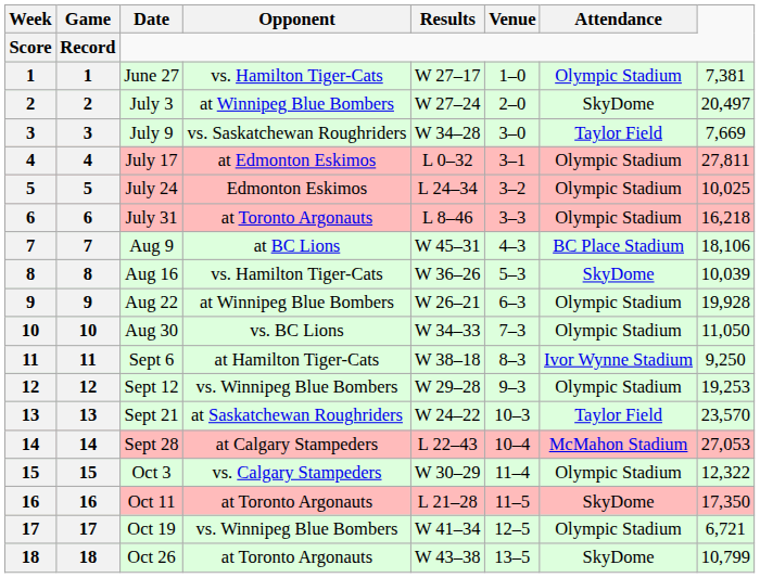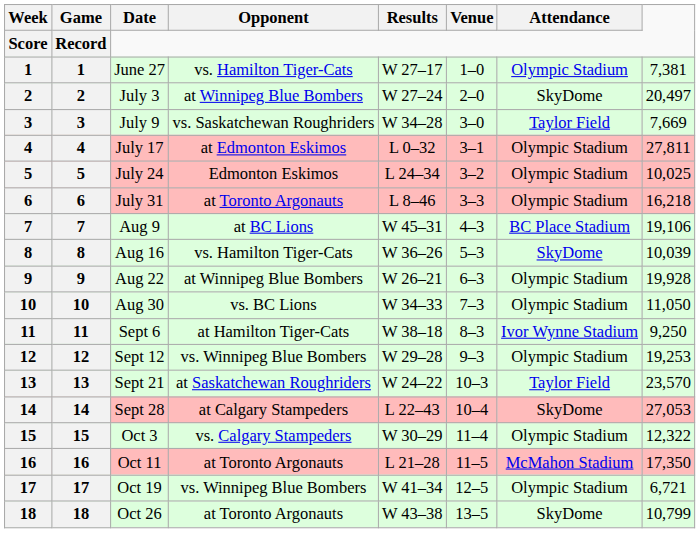 <table class="wikitable" style="text-align:center">
 <tr>
 <th>Week</th>
 <th>Game</th>
 <th>Date</th>
 <th>Opponent</th>
 <th>Results</th>
 <th>Venue</th>
 <th>Attendance</th>
 </tr>
 <tr>
 <th>Score</th>
 <th>Record</th>
 </tr>
 <tr style="background:#ddffdd">
 <th>1</th>
 <th>1</th>
 <td>June 27</td>
 <td>vs. <a href='#'>Hamilton Tiger-Cats</a></td>
 <td>W 27–17</td>
 <td>1–0</td>
 <td><a href='#'>Olympic Stadium</a></td>
 <td>7,381</td>
 </tr>
 <tr style="background:#ddffdd">
 <th>2</th>
 <th>2</th>
 <td>July 3</td>
 <td>at <a href='#'>Winnipeg Blue Bombers</a></td>
 <td>W 27–24</td>
 <td>2–0</td>
 <td>SkyDome</td>
 <td>20,497</td>
 </tr>
 <tr style="background:#ddffdd">
 <th>3</th>
 <th>3</th>
 <td>July 9</td>
 <td>vs. Saskatchewan Roughriders</td>
 <td>W 34–28</td>
 <td>3–0</td>
 <td><a href='#'>Taylor Field</a></td>
 <td>7,669</td>
 </tr>
 <tr style="background:#ffbbbb">
 <th>4</th>
 <th>4</th>
 <td>July 17</td>
 <td>at <a href='#'>Edmonton Eskimos</a></td>
 <td>L 0–32</td>
 <td>3–1</td>
 <td>Olympic Stadium</td>
 <td>27,811</td>
 </tr>
 <tr style="background:#ffbbbb">
 <th>5</th>
 <th>5</th>
 <td>July 24</td>
 <td>Edmonton Eskimos</td>
 <td>L 24–34</td>
 <td>3–2</td>
 <td>Olympic Stadium</td>
 <td>10,025</td>
 </tr>
 <tr style="background:#ffbbbb">
 <th>6</th>
 <th>6</th>
 <td>July 31</td>
 <td>at <a href='#'>Toronto Argonauts</a></td>
 <td>L 8–46</td>
 <td>3–3</td>
 <td>Olympic Stadium</td>
 <td>16,218</td>
 </tr>
 <tr style="background:#ddffdd">
 <th>7</th>
 <th>7</th>
 <td>Aug 9</td>
 <td>at <a href='#'>BC Lions</a></td>
 <td>W 45–31</td>
 <td>4–3</td>
 <td><a href='#'>BC Place Stadium</a></td>
-<td>18,106</td>
+<td>19,106</td>
 </tr>
 <tr style="background:#ddffdd">
 <th>8</th>
 <th>8</th>
 <td>Aug 16</td>
 <td>vs. Hamilton Tiger-Cats</td>
 <td>W 36–26</td>
 <td>5–3</td>
 <td><a href='#'>SkyDome</a></td>
 <td>10,039</td>
 </tr>
 <tr style="background:#ddffdd">
 <th>9</th>
 <th>9</th>
 <td>Aug 22</td>
 <td>at Winnipeg Blue Bombers</td>
 <td>W 26–21</td>
 <td>6–3</td>
 <td>Olympic Stadium</td>
 <td>19,928</td>
 </tr>
 <tr style="background:#ddffdd">
 <th>10</th>
 <th>10</th>
 <td>Aug 30</td>
 <td>vs. BC Lions</td>
 <td>W 34–33</td>
 <td>7–3</td>
 <td>Olympic Stadium</td>
 <td>11,050</td>
 </tr>
 <tr style="background:#ddffdd">
 <th>11</th>
 <th>11</th>
 <td>Sept 6</td>
 <td>at Hamilton Tiger-Cats</td>
 <td>W 38–18</td>
 <td>8–3</td>
 <td><a href='#'>Ivor Wynne Stadium</a></td>
 <td>9,250</td>
 </tr>
 <tr style="background:#ddffdd">
 <th>12</th>
 <th>12</th>
 <td>Sept 12</td>
 <td>vs. Winnipeg Blue Bombers</td>
 <td>W 29–28</td>
 <td>9–3</td>
 <td>Olympic Stadium</td>
 <td>19,253</td>
 </tr>
 <tr style="background:#ddffdd">
 <th>13</th>
 <th>13</th>
 <td>Sept 21</td>
 <td>at <a href='#'>Saskatchewan Roughriders</a></td>
 <td>W 24–22</td>
 <td>10–3</td>
 <td><a href='#'>Taylor Field</a></td>
 <td>23,570</td>
 </tr>
 <tr style="background:#ffbbbb">
 <th>14</th>
 <th>14</th>
 <td>Sept 28</td>
 <td>at Calgary Stampeders</td>
 <td>L 22–43</td>
 <td>10–4</td>
-<td><a href='#'>McMahon Stadium</a></td>
+<td>SkyDome</td>
 <td>27,053</td>
 </tr>
 <tr style="background:#ddffdd">
 <th>15</th>
 <th>15</th>
 <td>Oct 3</td>
 <td>vs. <a href='#'>Calgary Stampeders</a></td>
 <td>W 30–29</td>
 <td>11–4</td>
 <td>Olympic Stadium</td>
 <td>12,322</td>
 </tr>
 <tr style="background:#ffbbbb">
 <th>16</th>
 <th>16</th>
 <td>Oct 11</td>
 <td>at Toronto Argonauts</td>
 <td>L 21–28</td>
 <td>11–5</td>
-<td>SkyDome</td>
+<td><a href='#'>McMahon Stadium</a></td>
 <td>17,350</td>
 </tr>
 <tr style="background:#ddffdd">
 <th>17</th>
 <th>17</th>
 <td>Oct 19</td>
 <td>vs. Winnipeg Blue Bombers</td>
 <td>W 41–34</td>
 <td>12–5</td>
 <td>Olympic Stadium</td>
 <td>6,721</td>
 </tr>
 <tr style="background:#ddffdd">
 <th>18</th>
 <th>18</th>
 <td>Oct 26</td>
 <td>at Toronto Argonauts</td>
 <td>W 43–38</td>
 <td>13–5</td>
 <td>SkyDome</td>
 <td>10,799</td>
 </tr>
 </table>
